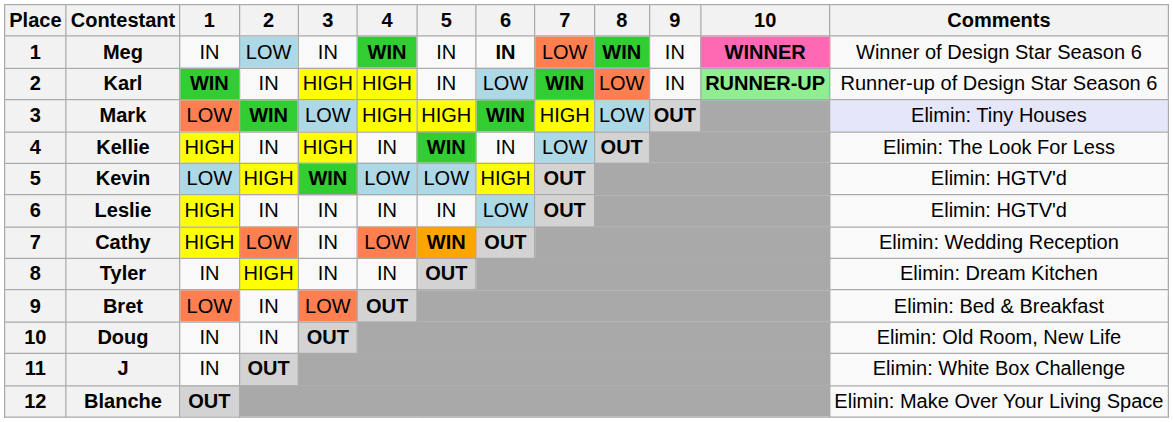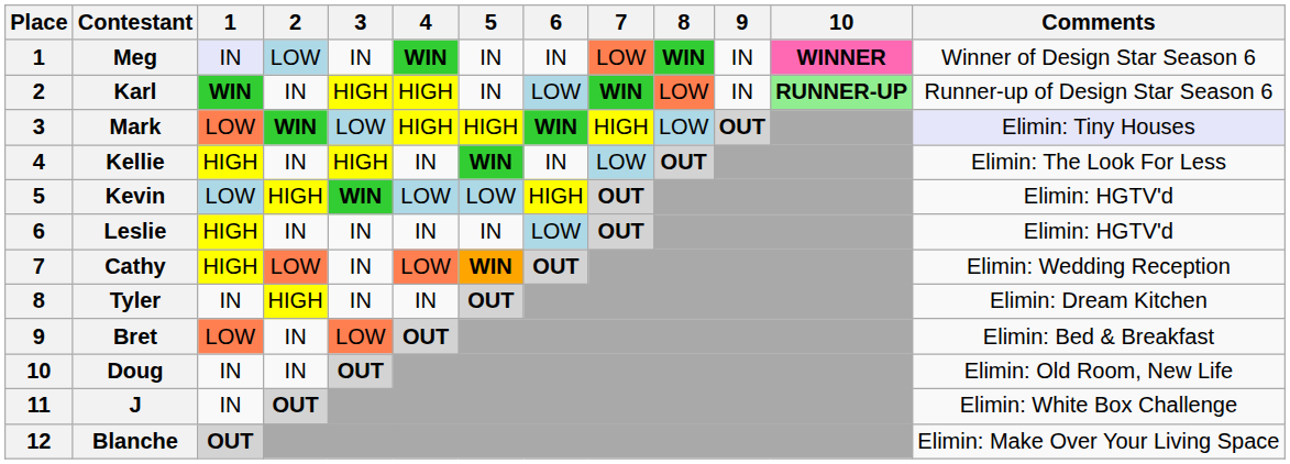 <table class="wikitable" style="text-align:center">
 <tr>
 <th>Place</th>
 <th>Contestant</th>
 <th>1</th>
 <th>2</th>
 <th>3</th>
 <th>4</th>
 <th>5</th>
 <th>6</th>
 <th>7</th>
 <th>8</th>
 <th>9</th>
 <th>10</th>
 <th>Comments</th>
 </tr>
 <tr>
 <th>1</th>
 <th>Meg</th>
-<td>IN</td>
+<td style="background: lavender;">IN</td>
 <td style = "background:lightblue;">LOW</td>
 <td>IN</td>
 <td style = "background:limegreen;"><strong>WIN</strong></td>
 <td>IN</td>
-<td><strong>IN</strong></td>
+<td>IN</td>
 <td style = "background:coral;">LOW</td>
 <td style = "background:limegreen;"><strong>WIN</strong></td>
 <td>IN</td>
 <td style = "background:hotpink;"><strong>WINNER</strong></td>
 <td>Winner of Design Star Season 6</td>
 </tr>
 <tr>
 <th>2</th>
 <th>Karl</th>
 <td style = "background:limegreen;"><strong>WIN</strong></td>
 <td>IN</td>
 <td style = "background:yellow;">HIGH</td>
 <td style = "background:yellow;">HIGH</td>
 <td>IN</td>
 <td style = "background:lightblue;">LOW</td>
 <td style = "background:limegreen;"><strong>WIN</strong></td>
 <td style = "background:coral;">LOW</td>
 <td>IN</td>
 <td style = "background:lightgreen;"><strong>RUNNER-UP</strong></td>
 <td>Runner-up of Design Star Season 6</td>
 </tr>
 <tr>
 <th>3</th>
 <th>Mark</th>
 <td style = "background:coral;">LOW</td>
 <td style = "background:limegreen;"><strong>WIN</strong></td>
 <td style = "background:lightblue;">LOW</td>
 <td style = "background:yellow;">HIGH</td>
 <td style = "background:yellow;">HIGH</td>
 <td style = "background:limegreen;"><strong>WIN</strong></td>
 <td style = "background:yellow;">HIGH</td>
 <td style = "background:lightblue;">LOW</td>
 <td style="background:lightgrey;"><strong>OUT</strong></td>
 <td colspan=1 style="background:darkgray;"></td>
 <td style="background: lavender;">Elimin: Tiny Houses</td>
 </tr>
 <tr>
 <th>4</th>
 <th>Kellie</th>
 <td style = "background:yellow;">HIGH</td>
 <td>IN</td>
 <td style = "background:yellow;">HIGH</td>
 <td>IN</td>
 <td style = "background:limegreen;"><strong>WIN</strong></td>
 <td>IN</td>
 <td style = "background:lightblue;">LOW</td>
 <td style="background:lightgrey;"><strong>OUT</strong></td>
 <td colspan=2 style="background:darkgray;"></td>
 <td>Elimin: The Look For Less</td>
 </tr>
 <tr>
 <th>5</th>
 <th>Kevin</th>
 <td style = "background:lightblue;">LOW</td>
 <td style = "background:yellow;">HIGH</td>
 <td style = "background:limegreen;"><strong>WIN</strong></td>
 <td style = "background:lightblue;">LOW</td>
 <td style = "background:lightblue;">LOW</td>
 <td style = "background:yellow;">HIGH</td>
 <td style="background:lightgrey;"><strong>OUT</strong></td>
 <td colspan=3 style="background:darkgray;"></td>
 <td>Elimin: HGTV'd</td>
 </tr>
 <tr>
 <th>6</th>
 <th>Leslie</th>
 <td style = "background:yellow;">HIGH</td>
 <td>IN</td>
 <td>IN</td>
 <td>IN</td>
 <td>IN</td>
 <td style = "background:lightblue;">LOW</td>
 <td style="background:lightgrey;"><strong>OUT</strong></td>
 <td colspan=3 style="background:darkgray;"></td>
 <td>Elimin: HGTV'd</td>
 </tr>
 <tr>
 <th>7</th>
 <th>Cathy</th>
 <td style = "background:yellow;">HIGH</td>
 <td style = "background:coral;">LOW</td>
 <td>IN</td>
 <td style = "background:coral;">LOW</td>
 <td style = "background:orange;"><strong>WIN</strong></td>
 <td style="background:lightgrey;"><strong>OUT</strong></td>
 <td colspan=4 style="background:darkgray;"></td>
 <td>Elimin: Wedding Reception</td>
 </tr>
 <tr>
 <th>8</th>
 <th>Tyler</th>
 <td>IN</td>
 <td style = "background:yellow;">HIGH</td>
 <td>IN</td>
 <td>IN</td>
 <td style="background:lightgrey;"><strong>OUT</strong></td>
 <td colspan=5 style="background:darkgray;"></td>
 <td>Elimin: Dream Kitchen</td>
 </tr>
 <tr>
 <th>9</th>
 <th>Bret</th>
 <td style = "background:coral;">LOW</td>
 <td>IN</td>
 <td style = "background:coral;">LOW</td>
 <td style="background:lightgrey;"><strong>OUT</strong></td>
 <td colspan=6 style="background:darkgray;"></td>
 <td>Elimin: Bed & Breakfast</td>
 </tr>
 <tr>
 <th>10</th>
 <th>Doug</th>
 <td>IN</td>
 <td>IN</td>
 <td style="background:lightgrey;"><strong>OUT</strong></td>
 <td colspan=7 style="background:darkgray;"></td>
 <td>Elimin: Old Room, New Life</td>
 </tr>
 <tr>
 <th>11</th>
 <th>J</th>
 <td>IN</td>
 <td style="background:lightgrey;"><strong>OUT</strong></td>
 <td colspan=8 style="background:darkgray;"></td>
 <td>Elimin:  White Box Challenge</td>
 </tr>
 <tr>
 <th>12</th>
 <th>Blanche</th>
 <td style="background:lightgrey;"><strong>OUT</strong></td>
 <td colspan=9 style="background:darkgray;"></td>
 <td>Elimin: Make Over Your Living Space</td>
 </tr>
 </table>
